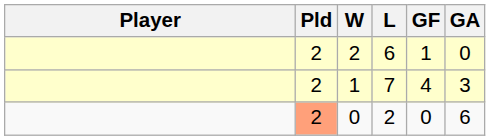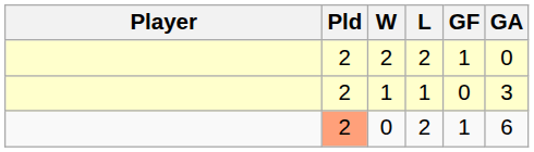 <table class=wikitable style="text-align:center">
 <tr>
 <th width=220>Player</th>
 <th width=20>Pld</th>
 <th width=20>W</th>
 <th width=20>L</th>
 <th width=20>GF</th>
 <th width=20>GA</th>
 </tr>
 <tr bgcolor=#ffffcc>
 <td align=left></td>
 <td>2</td>
 <td>2</td>
-<td>6</td>
+<td>2</td>
 <td>1</td>
 <td>0</td>
 </tr>
 <tr bgcolor=#ffffcc>
 <td align=left></td>
 <td>2</td>
 <td>1</td>
-<td>7</td>
-<td>4</td>
+<td>1</td>
+<td>0</td>
 <td>3</td>
 </tr>
 <tr>
 <td align=left></td>
 <td style="background: lightsalmon;">2</td>
 <td>0</td>
 <td>2</td>
-<td>0</td>
+<td>1</td>
 <td>6</td>
 </tr>
 </table>
